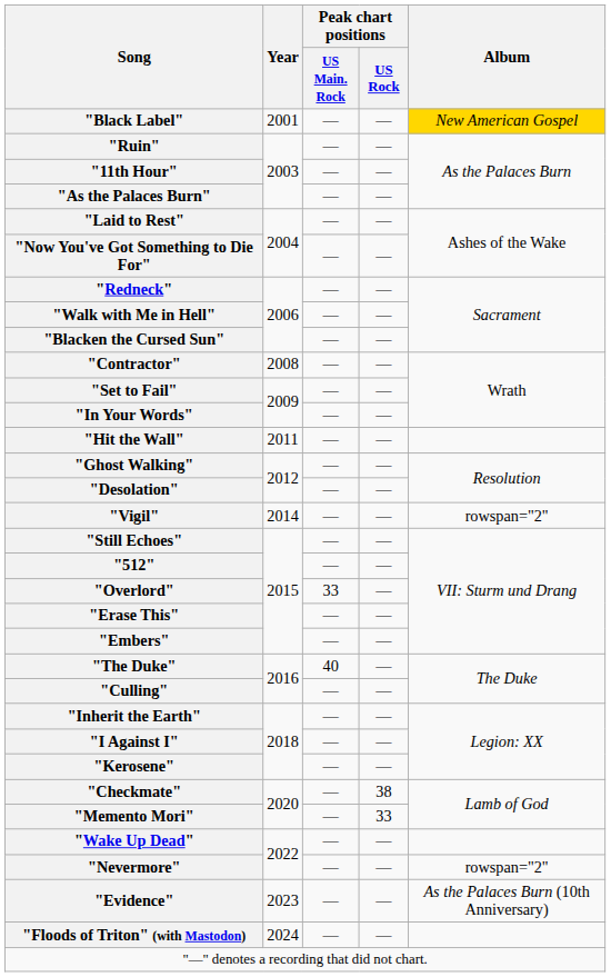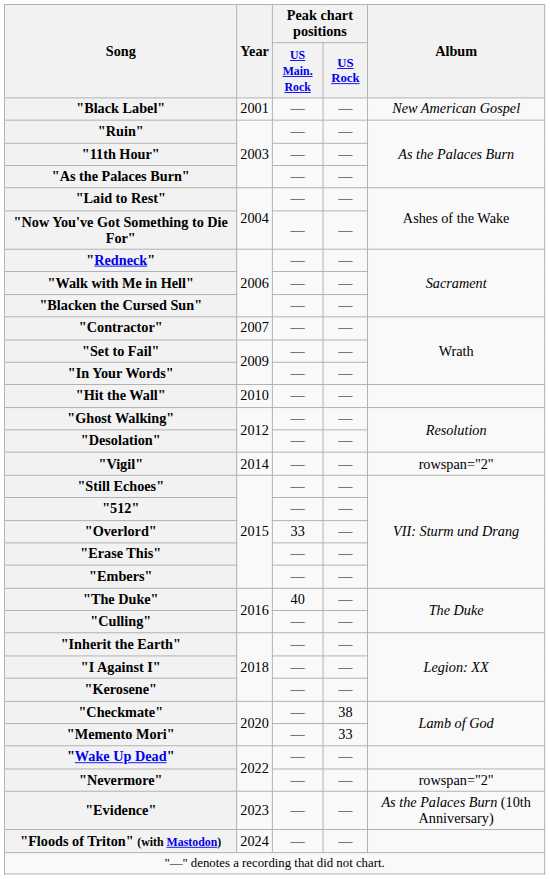 <table class="wikitable plainrowheaders" style="text-align: center;">
 <tr>
 <th width=254;' align=center rowspan=2>Song</th>
 <th align=center rowspan=2>Year</th>
 <th align=center colspan=2>Peak chart positions</th>
 <th align=center rowspan=2>Album</th>
 </tr>
 <tr>
 <th width="50px"><small><a href='#'>US Main. Rock</a></small><br></th>
 <th scope="col" style="width:3em;font-size:90%;"><a href='#'>US<br>Rock</a><br></th>
 </tr>
 <tr>
 <th scope="row">"Black Label"</th>
 <td>2001</td>
 <td align="center">—</td>
 <td align="center">—</td>
-<td style="background: gold;"><em>New American Gospel</em></td>
+<td><em>New American Gospel</em></td>
 </tr>
 <tr>
 <th scope="row">"Ruin"</th>
 <td rowspan="3">2003</td>
 <td align="center">—</td>
 <td align="center">—</td>
 <td rowspan="3"><em>As the Palaces Burn</em></td>
 </tr>
 <tr>
 <th scope="row">"11th Hour"</th>
 <td align="center">—</td>
 <td align="center">—</td>
 </tr>
 <tr>
 <th scope="row">"As the Palaces Burn"</th>
 <td align="center">—</td>
 <td align="center">—</td>
 </tr>
 <tr>
 <th scope="row">"Laid to Rest"</th>
 <td rowspan="2">2004</td>
 <td align="center">—</td>
 <td align="center">—</td>
 <td rowspan="2">Ashes of the Wake</td>
 </tr>
 <tr>
 <th scope="row">"Now You've Got Something to Die For"</th>
 <td align="center">—</td>
 <td align="center">—</td>
 </tr>
 <tr>
 <th scope="row">"<a href='#'>Redneck</a>"</th>
 <td rowspan="3">2006</td>
 <td align="center">—</td>
 <td align="center">—</td>
 <td rowspan="3"><em>Sacrament</em></td>
 </tr>
 <tr>
 <th scope="row">"Walk with Me in Hell"</th>
 <td align="center">—</td>
 <td align="center">—</td>
 </tr>
 <tr>
 <th scope="row">"Blacken the Cursed Sun"</th>
 <td align="center">—</td>
 <td align="center">—</td>
 </tr>
 <tr>
 <th scope="row">"Contractor"</th>
-<td>2008</td>
+<td>2007</td>
 <td align="center">—</td>
 <td align="center">—</td>
 <td rowspan="3">Wrath</td>
 </tr>
 <tr>
 <th scope="row">"Set to Fail"</th>
 <td rowspan="2">2009</td>
 <td align="center">—</td>
 <td align="center">—</td>
 </tr>
 <tr>
 <th scope="row">"In Your Words"</th>
 <td align="center">—</td>
 <td align="center">—</td>
 </tr>
 <tr>
 <th scope="row">"Hit the Wall"</th>
-<td>2011</td>
+<td>2010</td>
 <td align="center">—</td>
 <td align="center">—</td>
 <td></td>
 </tr>
 <tr>
 <th scope="row">"Ghost Walking"</th>
 <td rowspan="2">2012</td>
 <td align="center">—</td>
 <td align="center">—</td>
 <td rowspan="2"><em>Resolution</em></td>
 </tr>
 <tr>
 <th scope="row">"Desolation"</th>
 <td align="center">—</td>
 <td align="center">—</td>
 </tr>
 <tr>
 <th scope="row">"Vigil"</th>
 <td>2014</td>
 <td align="center">—</td>
 <td align="center">—</td>
 <td>rowspan="2"</td>
 </tr>
 <tr>
 <th scope="row">"Still Echoes"</th>
 <td rowspan="5">2015</td>
 <td align="center">—</td>
 <td align="center">—</td>
 <td rowspan="5"><em>VII: Sturm und Drang</em></td>
 </tr>
 <tr>
 <th scope="row">"512"</th>
 <td align="center">—</td>
 <td align="center">—</td>
 </tr>
 <tr>
 <th scope="row">"Overlord"</th>
 <td align="center">33</td>
 <td align="center">—</td>
 </tr>
 <tr>
 <th scope="row">"Erase This"</th>
 <td align="center">—</td>
 <td align="center">—</td>
 </tr>
 <tr>
 <th scope="row">"Embers"</th>
 <td align="center">—</td>
 <td align="center">—</td>
 </tr>
 <tr>
 <th scope="row">"The Duke"</th>
 <td rowspan="2">2016</td>
 <td align="center">40</td>
 <td align="center">—</td>
 <td rowspan="2"><em>The Duke</em></td>
 </tr>
 <tr>
 <th scope="row">"Culling"</th>
 <td align="center">—</td>
 <td align="center">—</td>
 </tr>
 <tr>
 <th scope="row">"Inherit the Earth"</th>
 <td rowspan="3">2018</td>
 <td align="center">—</td>
 <td align="center">—</td>
 <td rowspan="3"><em>Legion: XX</em></td>
 </tr>
 <tr>
 <th scope="row">"I Against I"</th>
 <td align="center">—</td>
 <td align="center">—</td>
 </tr>
 <tr>
 <th scope="row">"Kerosene"</th>
 <td align="center">—</td>
 <td align="center">—</td>
 </tr>
 <tr>
 <th scope="row">"Checkmate"</th>
 <td rowspan="2">2020</td>
 <td align="center">—</td>
 <td align="center">38</td>
 <td rowspan="2"><em>Lamb of God</em></td>
 </tr>
 <tr>
 <th scope="row">"Memento Mori"</th>
 <td align="center">—</td>
 <td align="center">33</td>
 </tr>
 <tr>
 <th scope="row">"<a href='#'>Wake Up Dead</a>"</th>
 <td rowspan="2">2022</td>
 <td align="center">—</td>
 <td align="center">—</td>
 <td></td>
 </tr>
 <tr>
 <th scope="row">"Nevermore"</th>
 <td align="center">—</td>
 <td align="center">—</td>
 <td>rowspan="2"</td>
 </tr>
 <tr>
 <th scope="row">"Evidence"</th>
 <td>2023</td>
 <td>—</td>
 <td>—</td>
 <td><em>As the Palaces Burn</em> (10th Anniversary)</td>
 </tr>
 <tr>
 <th scope="row">"Floods of Triton" <small>(with <a href='#'>Mastodon</a>)</small></th>
 <td>2024</td>
 <td>—</td>
 <td>—</td>
 </tr>
 <tr>
 <td align="center" colspan="10" style="font-size:90%">"—" denotes a recording that did not chart.</td>
 </tr>
 </table>
